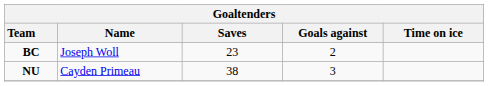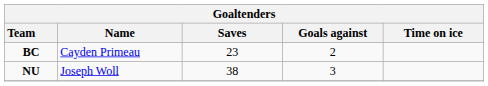 <table class="wikitable" style="width:40em; text-align:right;">
 <tr>
 <th colspan=5>Goaltenders</th>
 </tr>
 <tr>
 <th style="width:4em; text-align:left;">Team</th>
 <th style="width:10em;">Name</th>
 <th style="width:8em;">Saves</th>
 <th style="width:8em;">Goals against</th>
 <th style="width:8em;">Time on ice</th>
 </tr>
 <tr>
 <td align=center><strong>BC</strong></td>
-<td style="text-align:left;"><a href='#'>Joseph Woll</a></td>
+<td style="text-align:left;"><a href='#'>Cayden Primeau</a></td>
 <td align=center>23</td>
 <td align=center>2</td>
 <td align=center></td>
 </tr>
 <tr>
 <td align=center><strong>NU</strong></td>
-<td style="text-align:left;"><a href='#'>Cayden Primeau</a></td>
+<td style="text-align:left;"><a href='#'>Joseph Woll</a></td>
 <td align=center>38</td>
 <td align=center>3</td>
 <td align=center></td>
 </tr>
 <tr>
 </tr>
 </table>
